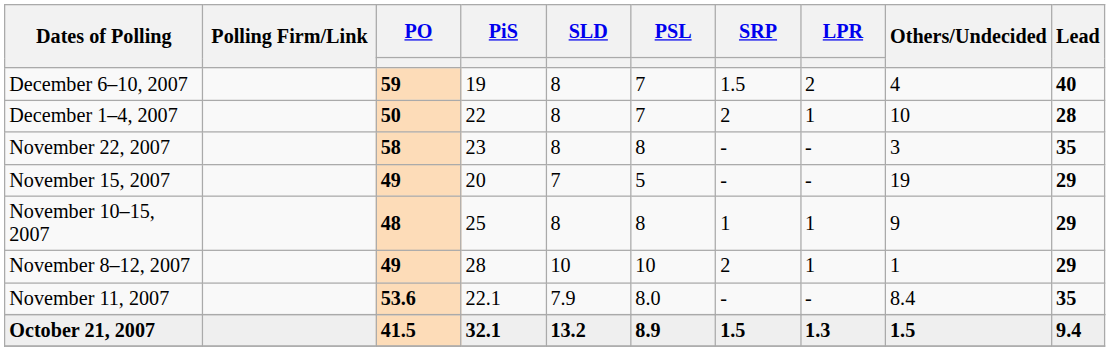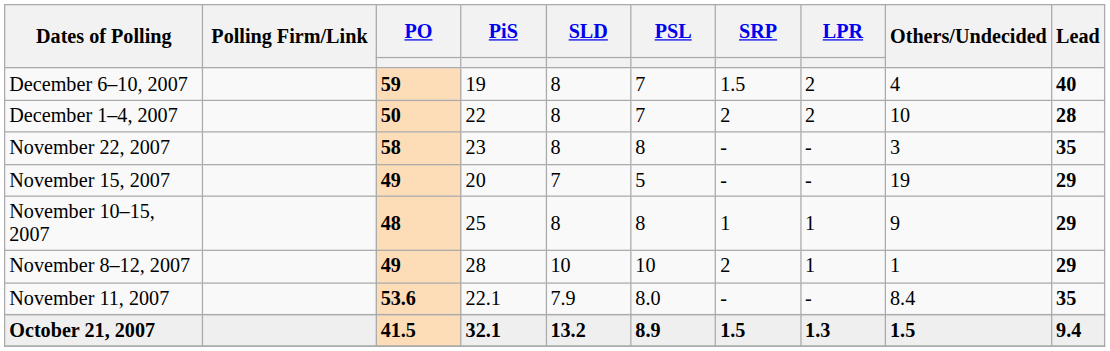 <table class="wikitable sortable collapsible">
 <tr style="height:42px; text-align:center; background-color:#E9E9E9">
 <th rowspan="2" data-sort-type="date" style="width:150px;">Dates of Polling</th>
 <th rowspan="2" style="width:130px;">Polling Firm/Link</th>
 <th style="width:60px;" class="unsortable"><a href='#'>PO</a></th>
 <th style="width:60px;" class="unsortable"><a href='#'>PiS</a></th>
 <th style="width:60px;" class="unsortable"><a href='#'>SLD</a></th>
 <th style="width:60px;" class="unsortable"><a href='#'>PSL</a></th>
 <th style="width:60px;" class="unsortable"><a href='#'>SRP</a></th>
 <th style="width:60px;" class="unsortable"><a href='#'>LPR</a></th>
 <th rowspan="2" data-sort-type="number" style="width:40px;">Others/Undecided</th>
 <th rowspan="2" data-sort-type="number" style="width:30px;">Lead</th>
 </tr>
 <tr>
 <th data-sort-type="number" style="height:1px; background:"></th>
 <th data-sort-type="number" style="height:1px; background:"></th>
 <th data-sort-type="number" style="height:1px; background:"></th>
 <th data-sort-type="number" style="height:1px; background:"></th>
 <th data-sort-type="number" style="height:1px; background:"></th>
 <th data-sort-type="number" style="height:1px; background:"></th>
 </tr>
 <tr>
 <td>December 6–10, 2007</td>
 <td></td>
 <td style="background:#FDDCB8"><strong>59</strong></td>
 <td>19</td>
 <td>8</td>
 <td>7</td>
 <td>1.5</td>
 <td>2</td>
 <td>4</td>
 <td style="background:"><strong>40</strong></td>
 </tr>
 <tr>
 <td>December 1–4, 2007</td>
 <td></td>
 <td style="background:#FDDCB8"><strong>50</strong></td>
 <td>22</td>
 <td>8</td>
 <td>7</td>
 <td>2</td>
-<td>1</td>
+<td>2</td>
 <td>10</td>
 <td style="background:"><strong>28</strong></td>
 </tr>
 <tr>
 <td>November 22, 2007</td>
 <td></td>
 <td style="background:#FDDCB8"><strong>58</strong></td>
 <td>23</td>
 <td>8</td>
 <td>8</td>
 <td>-</td>
 <td>-</td>
 <td>3</td>
 <td style="background:"><strong>35</strong></td>
 </tr>
 <tr>
 <td>November 15, 2007</td>
 <td></td>
 <td style="background:#FDDCB8"><strong>49</strong></td>
 <td>20</td>
 <td>7</td>
 <td>5</td>
 <td>-</td>
 <td>-</td>
 <td>19</td>
 <td style="background:"><strong>29</strong></td>
 </tr>
 <tr>
 <td>November 10–15, 2007</td>
 <td></td>
 <td style="background:#FDDCB8"><strong>48</strong></td>
 <td>25</td>
 <td>8</td>
 <td>8</td>
 <td>1</td>
 <td>1</td>
 <td>9</td>
 <td style="background:"><strong>29</strong></td>
 </tr>
 <tr>
 <td>November 8–12, 2007</td>
 <td></td>
 <td style="background:#FDDCB8"><strong>49</strong></td>
 <td>28</td>
 <td>10</td>
 <td>10</td>
 <td>2</td>
 <td>1</td>
 <td>1</td>
 <td style="background:"><strong>29</strong></td>
 </tr>
 <tr>
 <td>November 11, 2007</td>
 <td></td>
 <td style="background:#FDDCB8"><strong>53.6</strong></td>
 <td>22.1</td>
 <td>7.9</td>
 <td>8.0</td>
 <td>-</td>
 <td>-</td>
 <td>8.4</td>
 <td style="background:"><strong>35</strong></td>
 </tr>
 <tr>
 </tr>
 <tr style="background:#EFEFEF; font-weight:bold;">
 <td>October 21, 2007</td>
 <td></td>
 <td style="background:#FDDCB8">41.5</td>
 <td>32.1</td>
 <td>13.2</td>
 <td>8.9</td>
 <td>1.5</td>
 <td>1.3</td>
 <td>1.5</td>
 <td style="background:"><strong>9.4</strong></td>
 </tr>
 <tr>
 </tr>
 </table>
